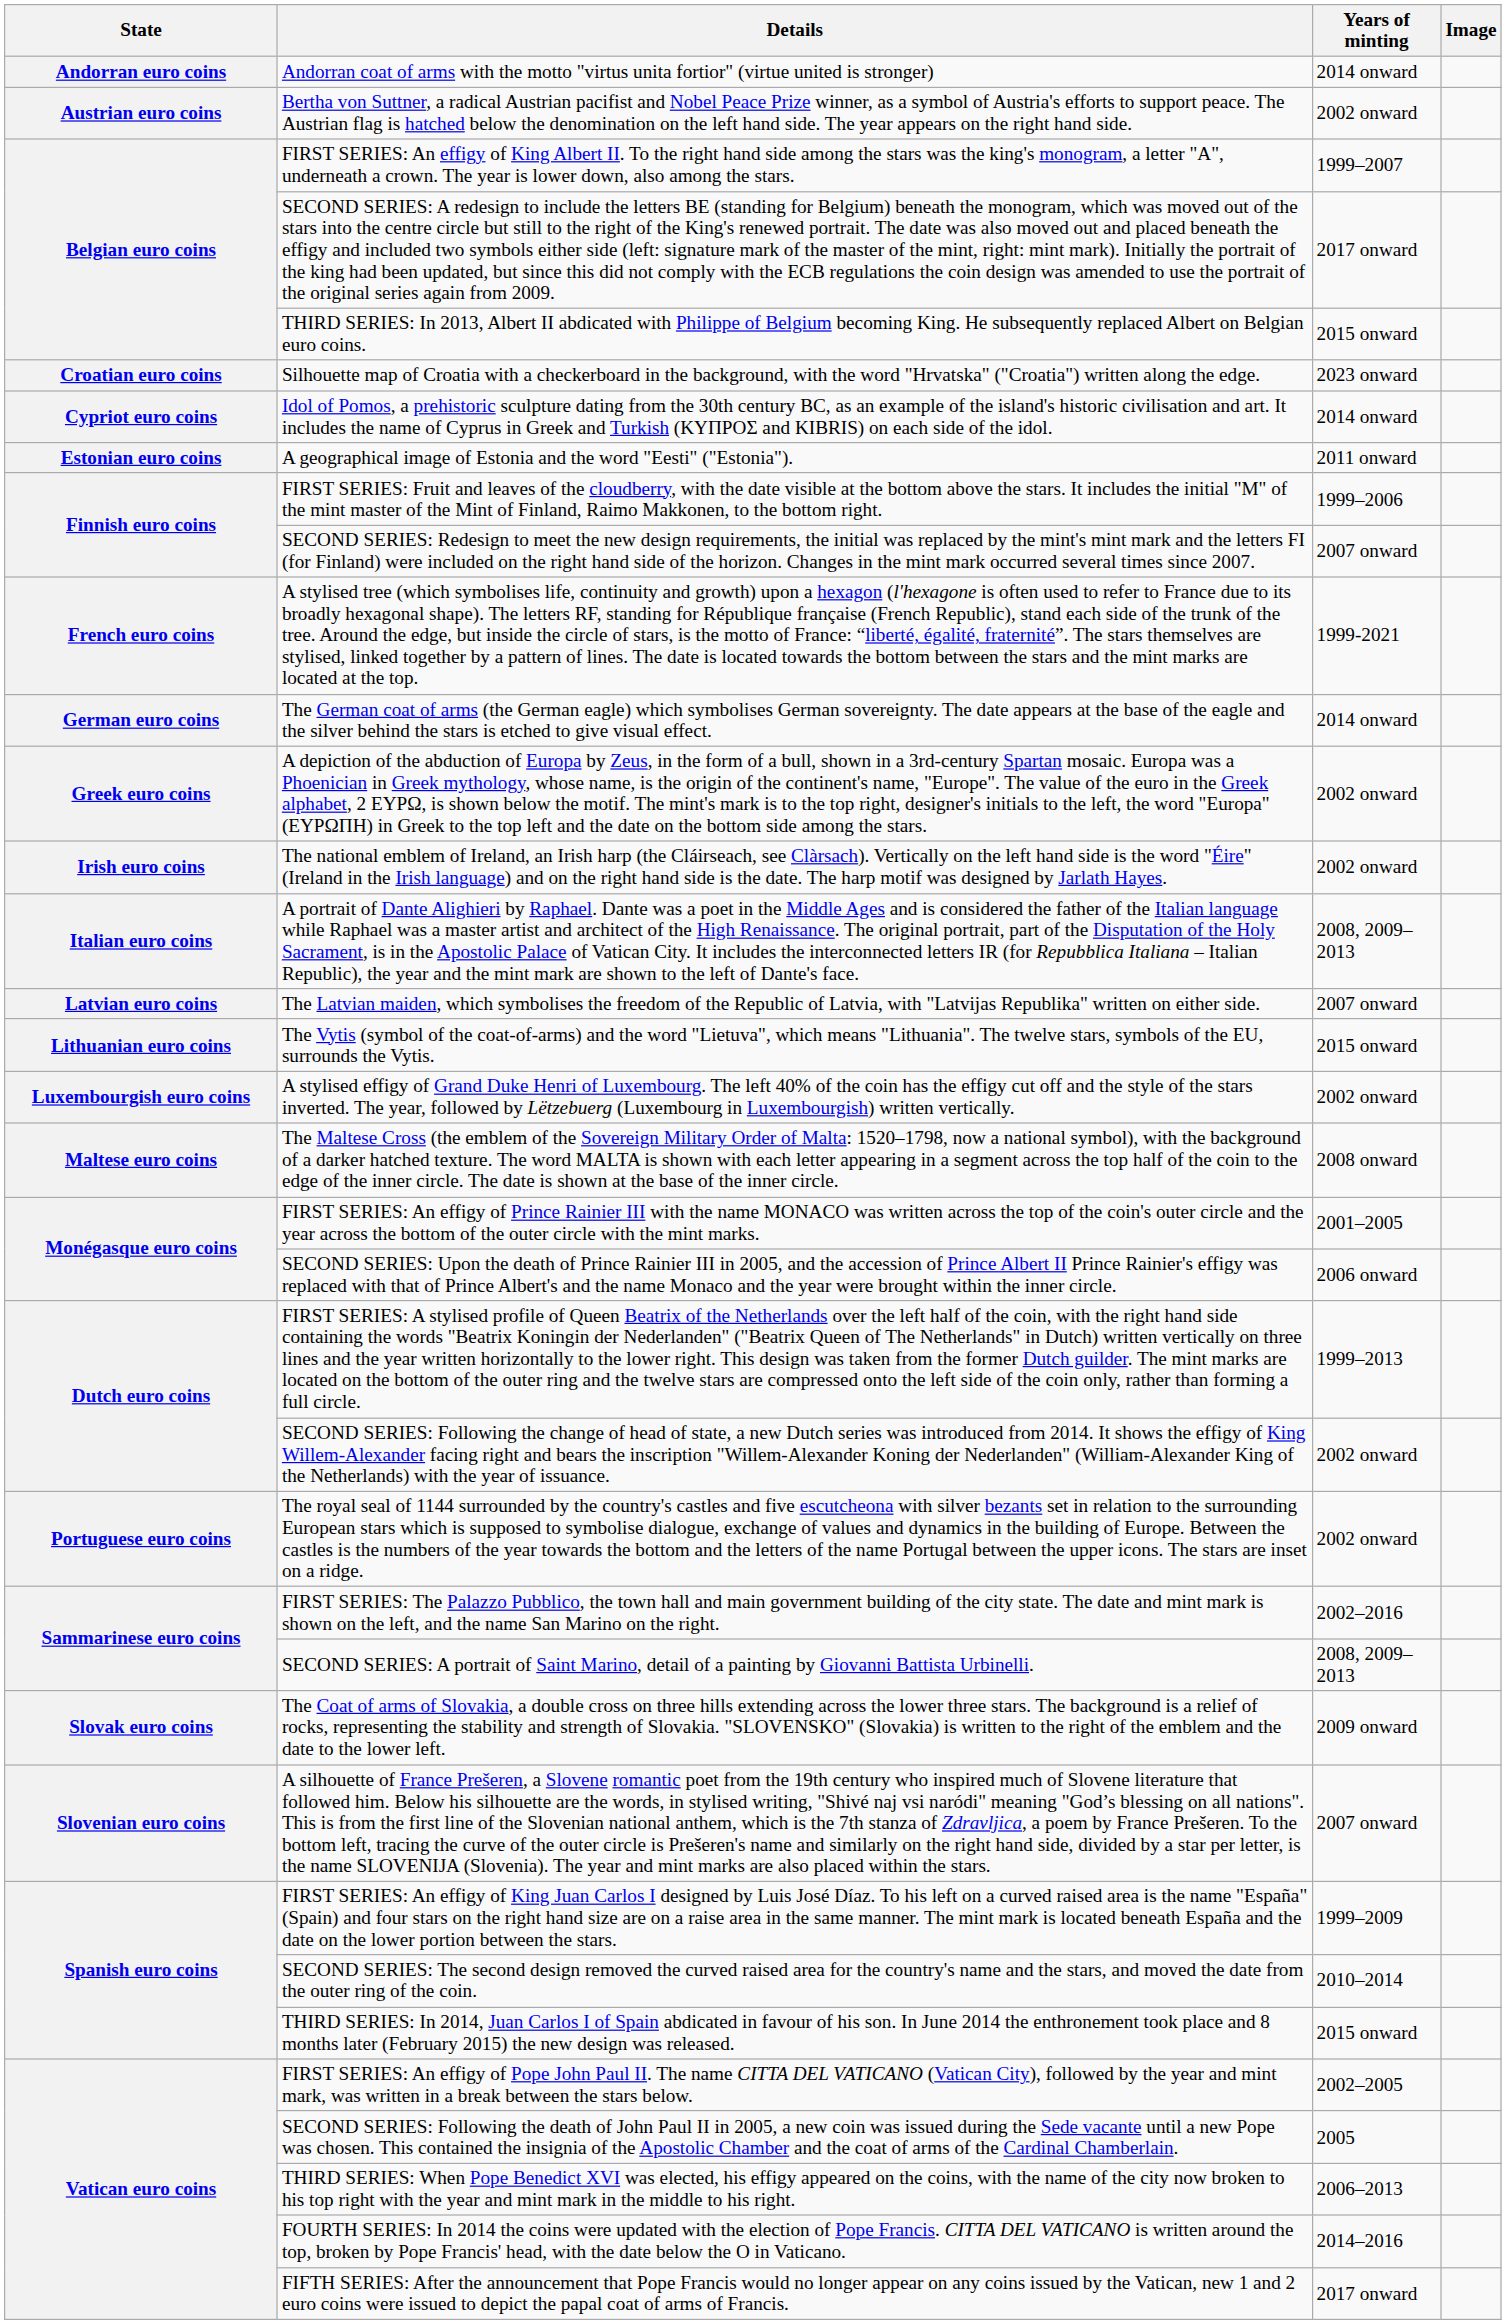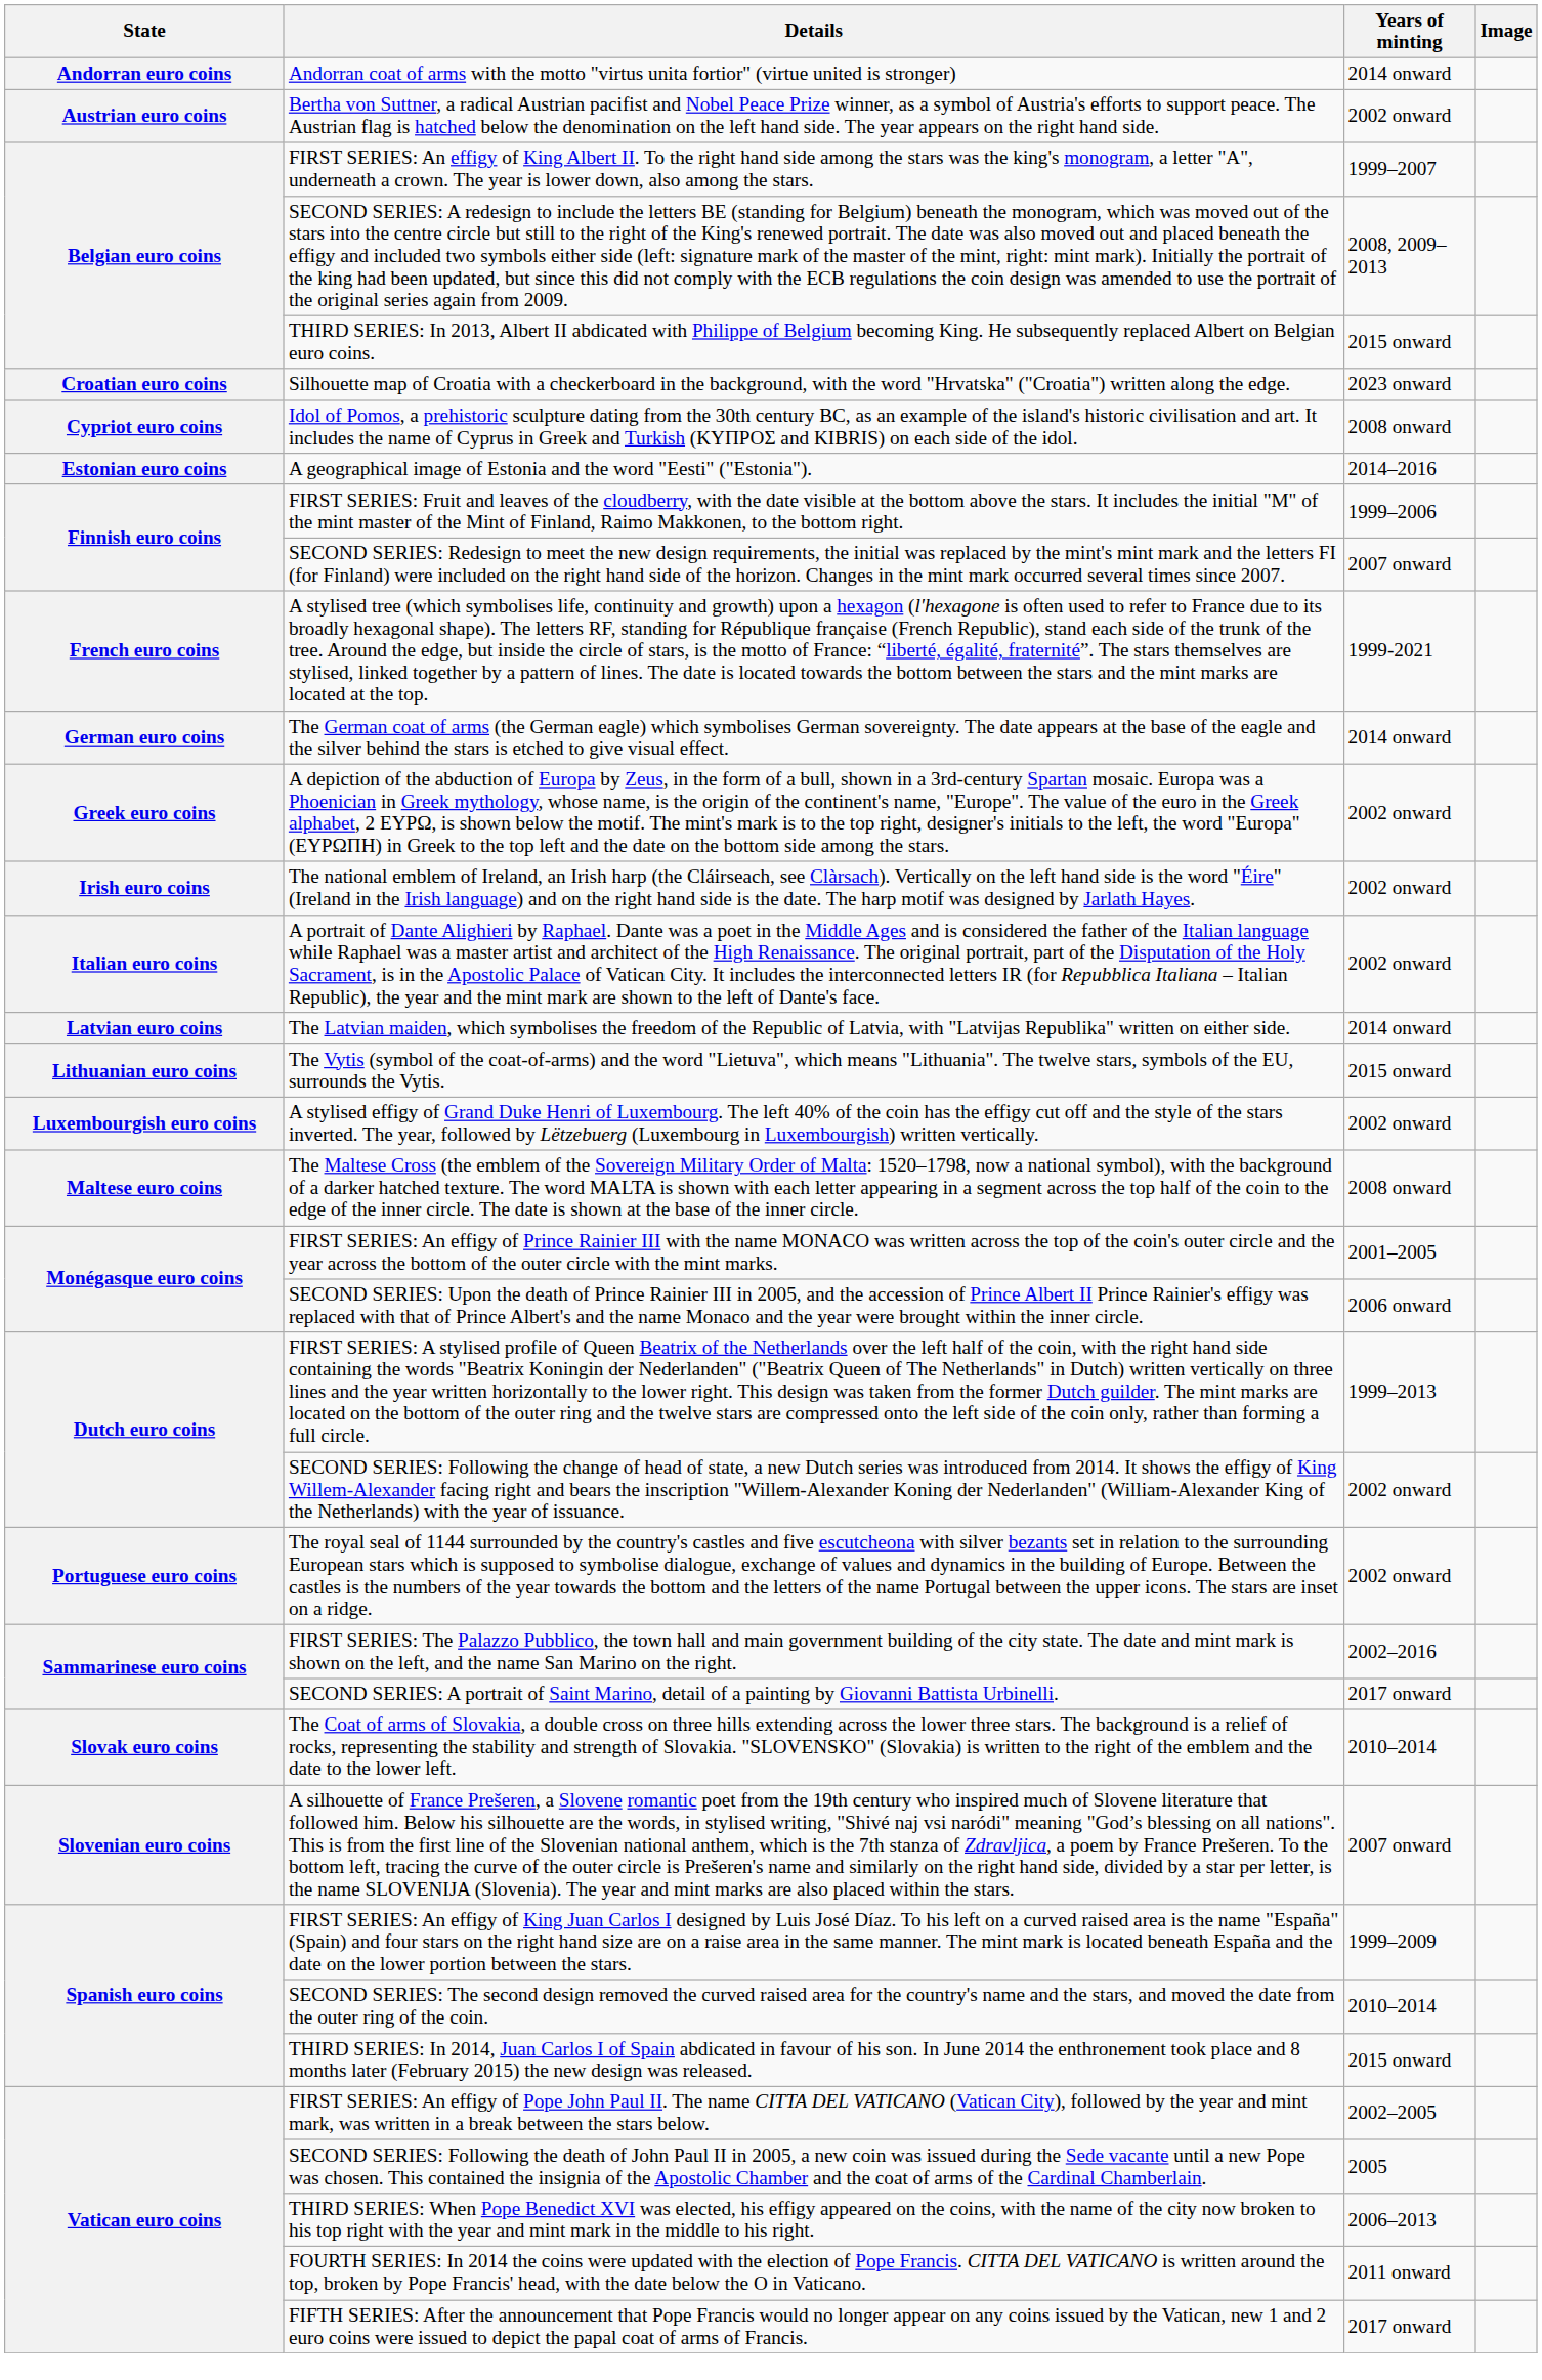 <table class="wikitable">
 <tr>
 <th width=220px>State</th>
 <th>Details</th>
 <th width=100px>Years of minting</th>
 <th>Image</th>
 </tr>
 <tr>
 <th> <a href='#'>Andorran euro coins</a></th>
 <td><a href='#'>Andorran coat of arms</a> with the motto "virtus unita fortior" (virtue united is stronger)</td>
 <td>2014 onward</td>
 <td></td>
 </tr>
 <tr>
 <th> <a href='#'>Austrian euro coins</a></th>
 <td><a href='#'>Bertha von Suttner</a>, a radical Austrian pacifist and <a href='#'>Nobel Peace Prize</a> winner, as a symbol of Austria's efforts to support peace. The Austrian flag is <a href='#'>hatched</a> below the denomination on the left hand side. The year appears on the right hand side.</td>
 <td>2002 onward</td>
 <td></td>
 </tr>
 <tr>
 <th rowspan=3> <a href='#'>Belgian euro coins</a></th>
 <td>FIRST SERIES: An <a href='#'>effigy</a> of <a href='#'>King Albert II</a>. To the right hand side among the stars was the king's <a href='#'>monogram</a>, a letter "A", underneath a crown. The year is lower down, also among the stars.</td>
 <td>1999–2007</td>
 <td></td>
 </tr>
 <tr>
 <td>SECOND SERIES: A redesign to include the letters BE (standing for Belgium) beneath the monogram, which was moved out of the stars into the centre circle but still to the right of the King's renewed portrait. The date was also moved out and placed beneath the effigy and included two symbols either side (left: signature mark of the master of the mint, right: mint mark). Initially the portrait of the king had been updated, but since this did not comply with the ECB regulations the coin design was amended to use the portrait of the original series again from 2009.</td>
-<td>2017 onward</td>
+<td>2008, 2009–2013</td>
 <td></td>
 </tr>
 <tr>
 <td>THIRD SERIES: In 2013, Albert II abdicated with <a href='#'>Philippe of Belgium</a> becoming King. He subsequently replaced Albert on Belgian euro coins.</td>
 <td>2015 onward</td>
 <td></td>
 </tr>
 <tr>
 <th> <a href='#'>Croatian euro coins</a></th>
 <td>Silhouette map of Croatia with a checkerboard in the background, with the word "Hrvatska" ("Croatia") written along the edge.</td>
 <td>2023 onward</td>
 <td></td>
 </tr>
 <tr>
 <th> <a href='#'>Cypriot euro coins</a></th>
 <td><a href='#'>Idol of Pomos</a>, a <a href='#'>prehistoric</a> sculpture dating from the 30th century BC, as an example of the island's historic civilisation and art. It includes the name of Cyprus in Greek and <a href='#'>Turkish</a> (ΚΥΠΡΟΣ and KIBRIS) on each side of the idol.</td>
-<td>2014 onward</td>
+<td>2008 onward</td>
 <td></td>
 </tr>
 <tr>
 <th> <a href='#'>Estonian euro coins</a></th>
 <td>A geographical image of Estonia and the word "Eesti" ("Estonia").</td>
-<td>2011 onward</td>
+<td>2014–2016</td>
 <td></td>
 </tr>
 <tr>
 <th rowspan=2> <a href='#'>Finnish euro coins</a></th>
 <td>FIRST SERIES: Fruit and leaves of the <a href='#'>cloudberry</a>, with the date visible at the bottom above the stars. It includes the initial "M" of the mint master of the Mint of Finland, Raimo Makkonen, to the bottom right.</td>
 <td>1999–2006</td>
 <td></td>
 </tr>
 <tr>
 <td>SECOND SERIES: Redesign to meet the new design requirements, the initial was replaced by the mint's mint mark and the letters FI (for Finland) were included on the right hand side of the horizon. Changes in the mint mark occurred several times since 2007.</td>
 <td>2007 onward</td>
 <td></td>
 </tr>
 <tr>
 <th> <a href='#'>French euro coins</a></th>
 <td>A stylised tree (which symbolises life, continuity and growth) upon a <a href='#'>hexagon</a> (<em>l'hexagone</em> is often used to refer to France due to its broadly hexagonal shape). The letters RF, standing for République française (French Republic), stand each side of the trunk of the tree. Around the edge, but inside the circle of stars, is the motto of France: “<a href='#'>liberté, égalité, fraternité</a>”. The stars themselves are stylised, linked together by a pattern of lines. The date is located towards the bottom between the stars and the mint marks are located at the top.</td>
 <td>1999-2021</td>
 <td></td>
 </tr>
 <tr>
 <th> <a href='#'>German euro coins</a></th>
 <td>The <a href='#'>German coat of arms</a> (the German eagle) which symbolises German sovereignty. The date appears at the base of the eagle and the silver behind the stars is etched to give visual effect.</td>
 <td>2014 onward</td>
 <td></td>
 </tr>
 <tr>
 <th> <a href='#'>Greek euro coins</a></th>
 <td>A depiction of the abduction of <a href='#'>Europa</a> by <a href='#'>Zeus</a>, in the form of a bull, shown in a 3rd-century <a href='#'>Spartan</a> mosaic. Europa was a <a href='#'>Phoenician</a> in <a href='#'>Greek mythology</a>, whose name, is the origin of the continent's name, "Europe". The value of the euro in the <a href='#'>Greek alphabet</a>, 2 ΕΥΡΩ, is shown below the motif. The mint's mark is to the top right, designer's initials to the left, the word "Europa" (ΕΥΡΩΠΗ) in Greek to the top left and the date on the bottom side among the stars.</td>
 <td>2002 onward</td>
 <td></td>
 </tr>
 <tr>
 <th> <a href='#'>Irish euro coins</a></th>
 <td>The national emblem of Ireland, an Irish harp (the Cláirseach, see <a href='#'>Clàrsach</a>). Vertically on the left hand side is the word "<a href='#'>Éire</a>" (Ireland in the <a href='#'>Irish language</a>) and on the right hand side is the date. The harp motif was designed by <a href='#'>Jarlath Hayes</a>.</td>
 <td>2002 onward</td>
 <td></td>
 </tr>
 <tr>
 <th> <a href='#'>Italian euro coins</a></th>
 <td>A portrait of <a href='#'>Dante Alighieri</a> by <a href='#'>Raphael</a>. Dante was a poet in the <a href='#'>Middle Ages</a> and is considered the father of the <a href='#'>Italian language</a> while Raphael was a master artist and architect of the <a href='#'>High Renaissance</a>. The original portrait, part of the <a href='#'>Disputation of the Holy Sacrament</a>, is in the <a href='#'>Apostolic Palace</a> of Vatican City. It includes the interconnected letters IR (for <em>Repubblica Italiana</em> – Italian Republic), the year and the mint mark are shown to the left of Dante's face.</td>
-<td>2008, 2009–2013</td>
+<td>2002 onward</td>
 <td></td>
 </tr>
 <tr>
 <th> <a href='#'>Latvian euro coins</a></th>
 <td>The <a href='#'>Latvian maiden</a>, which symbolises the freedom of the Republic of Latvia, with "Latvijas Republika" written on either side.</td>
-<td>2007 onward</td>
+<td>2014 onward</td>
 <td></td>
 </tr>
 <tr>
 <th> <a href='#'>Lithuanian euro coins</a></th>
 <td>The <a href='#'>Vytis</a> (symbol of the coat-of-arms) and the word "Lietuva", which means "Lithuania". The twelve stars, symbols of the EU, surrounds the Vytis.</td>
 <td>2015 onward</td>
 <td></td>
 </tr>
 <tr>
 <th> <a href='#'>Luxembourgish euro coins</a></th>
 <td>A stylised effigy of <a href='#'>Grand Duke Henri of Luxembourg</a>. The left 40% of the coin has the effigy cut off and the style of the stars inverted. The year, followed by <em>Lëtzebuerg</em> (Luxembourg in <a href='#'>Luxembourgish</a>) written vertically.</td>
 <td>2002 onward</td>
 <td></td>
 </tr>
 <tr>
 <th> <a href='#'>Maltese euro coins</a></th>
 <td>The <a href='#'>Maltese Cross</a> (the emblem of the <a href='#'>Sovereign Military Order of Malta</a>: 1520–1798, now a national symbol), with the background of a darker hatched texture. The word MALTA is shown with each letter appearing in a segment across the top half of the coin to the edge of the inner circle. The date is shown at the base of the inner circle.</td>
 <td>2008 onward</td>
 <td></td>
 </tr>
 <tr>
 <th rowspan=2> <a href='#'>Monégasque euro coins</a></th>
 <td>FIRST SERIES: An effigy of <a href='#'>Prince Rainier III</a> with the name MONACO was written across the top of the coin's outer circle and the year across the bottom of the outer circle with the mint marks.</td>
 <td>2001–2005</td>
 <td></td>
 </tr>
 <tr>
 <td>SECOND SERIES: Upon the death of Prince Rainier III in 2005, and the accession of <a href='#'>Prince Albert II</a> Prince Rainier's effigy was replaced with that of Prince Albert's and the name Monaco and the year were brought within the inner circle.</td>
 <td>2006 onward</td>
 <td></td>
 </tr>
 <tr>
 <th rowspan=2> <a href='#'>Dutch euro coins</a></th>
 <td>FIRST SERIES: A stylised profile of Queen <a href='#'>Beatrix of the Netherlands</a> over the left half of the coin, with the right hand side containing the words "Beatrix Koningin der Nederlanden" ("Beatrix Queen of The Netherlands" in Dutch) written vertically on three lines and the year written horizontally to the lower right. This design was taken from the former <a href='#'>Dutch guilder</a>. The mint marks are located on the bottom of the outer ring and the twelve stars are compressed onto the left side of the coin only, rather than forming a full circle.</td>
 <td>1999–2013</td>
 <td></td>
 </tr>
 <tr>
 <td>SECOND SERIES: Following the change of head of state, a new Dutch series was introduced from 2014. It shows the effigy of <a href='#'>King Willem-Alexander</a> facing right and bears the inscription "Willem-Alexander Koning der Nederlanden" (William-Alexander King of the Netherlands) with the year of issuance.</td>
 <td>2002 onward</td>
 <td></td>
 </tr>
 <tr>
 <th> <a href='#'>Portuguese euro coins</a></th>
 <td>The royal seal of 1144 surrounded by the country's castles and five <a href='#'>escutcheona</a> with silver <a href='#'>bezants</a> set in relation to the surrounding European stars which is supposed to symbolise dialogue, exchange of values and dynamics in the building of Europe. Between the castles is the numbers of the year towards the bottom and the letters of the name Portugal between the upper icons. The stars are inset on a ridge.</td>
 <td>2002 onward</td>
 <td></td>
 </tr>
 <tr>
 <th rowspan=2> <a href='#'>Sammarinese euro coins</a></th>
 <td>FIRST SERIES: The <a href='#'>Palazzo Pubblico</a>, the town hall and main government building of the city state. The date and mint mark is shown on the left, and the name San Marino on the right.</td>
 <td>2002–2016</td>
 <td></td>
 </tr>
 <tr>
 <td>SECOND SERIES: A portrait of <a href='#'>Saint Marino</a>, detail of a painting by <a href='#'>Giovanni Battista Urbinelli</a>.</td>
-<td>2008, 2009–2013</td>
+<td>2017 onward</td>
 <td></td>
 </tr>
 <tr>
 <th> <a href='#'>Slovak euro coins</a></th>
 <td>The <a href='#'>Coat of arms of Slovakia</a>, a double cross on three hills extending across the lower three stars. The background is a relief of rocks, representing the stability and strength of Slovakia. "SLOVENSKO" (Slovakia) is written to the right of the emblem and the date to the lower left.</td>
-<td>2009 onward</td>
+<td>2010–2014</td>
 <td></td>
 </tr>
 <tr>
 <th> <a href='#'>Slovenian euro coins</a></th>
 <td>A silhouette of <a href='#'>France Prešeren</a>, a <a href='#'>Slovene</a> <a href='#'>romantic</a> poet from the 19th century who inspired much of Slovene literature that followed him. Below his silhouette are the words, in stylised writing, "Shivé naj vsi naródi" meaning "God’s blessing on all nations". This is from the first line of the Slovenian national anthem, which is the 7th stanza of <em><a href='#'>Zdravljica</a></em>, a poem by France Prešeren. To the bottom left, tracing the curve of the outer circle is Prešeren's name and similarly on the right hand side, divided by a star per letter, is the name SLOVENIJA (Slovenia). The year and mint marks are also placed within the stars.</td>
 <td>2007 onward</td>
 <td></td>
 </tr>
 <tr>
 <th rowspan=3> <a href='#'>Spanish euro coins</a></th>
 <td>FIRST SERIES: An effigy of <a href='#'>King Juan Carlos I</a> designed by Luis José Díaz. To his left on a curved raised area is the name "España" (Spain) and four stars on the right hand size are on a raise area in the same manner. The mint mark is located beneath España and the date on the lower portion between the stars.</td>
 <td>1999–2009</td>
 <td></td>
 </tr>
 <tr>
 <td>SECOND SERIES: The second design removed the curved raised area for the country's name and the stars, and moved the date from the outer ring of the coin.</td>
 <td>2010–2014</td>
 <td></td>
 </tr>
 <tr>
 <td>THIRD SERIES: In 2014, <a href='#'>Juan Carlos I of Spain</a> abdicated in favour of his son. In June 2014 the enthronement took place and 8 months later (February 2015) the new design was released.</td>
 <td>2015 onward</td>
 <td></td>
 </tr>
 <tr>
 <th rowspan=5> <a href='#'>Vatican euro coins</a></th>
 <td>FIRST SERIES: An effigy of <a href='#'>Pope John Paul II</a>. The name <em>CITTA DEL VATICANO</em> (<a href='#'>Vatican City</a>), followed by the year and mint mark, was written in a break between the stars below.</td>
 <td>2002–2005</td>
 <td></td>
 </tr>
 <tr>
 <td>SECOND SERIES: Following the death of John Paul II in 2005, a new coin was issued during the <a href='#'>Sede vacante</a> until a new Pope was chosen. This contained the insignia of the <a href='#'>Apostolic Chamber</a> and the coat of arms of the <a href='#'>Cardinal Chamberlain</a>.</td>
 <td>2005</td>
 <td></td>
 </tr>
 <tr>
 <td>THIRD SERIES: When <a href='#'>Pope Benedict XVI</a> was elected, his effigy appeared on the coins, with the name of the city now broken to his top right with the year and mint mark in the middle to his right.</td>
 <td>2006–2013</td>
 <td></td>
 </tr>
 <tr>
 <td>FOURTH SERIES: In 2014 the coins were updated with the election of <a href='#'>Pope Francis</a>. <em>CITTA DEL VATICANO</em> is written around the top, broken by Pope Francis' head, with the date below the O in Vaticano.</td>
-<td>2014–2016</td>
+<td>2011 onward</td>
 <td></td>
 </tr>
 <tr>
 <td>FIFTH SERIES: After the announcement that Pope Francis would no longer appear on any coins issued by the Vatican, new 1 and 2 euro coins were issued to depict the papal coat of arms of Francis.</td>
 <td>2017 onward</td>
 <td></td>
 </tr>
 </table>
